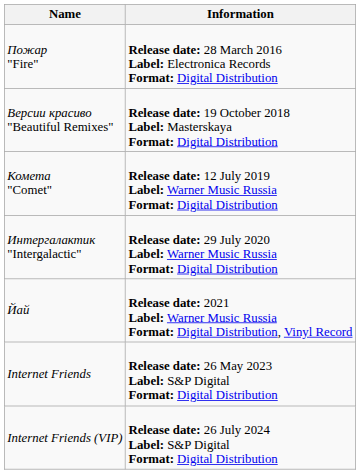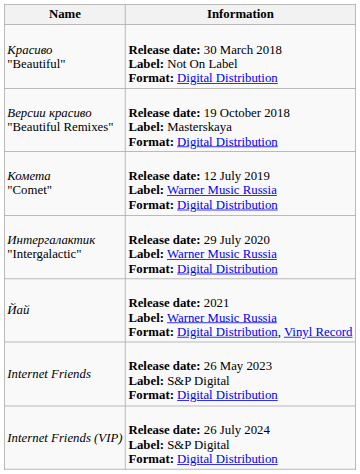 <table class="wikitable">
 <tr>
 <th>Name</th>
 <th>Information</th>
 </tr>
 <tr>
-<td><em>Пожар</em><br>"Fire"</td>
-<td><br><strong>Release date:</strong> 28 March 2016<br> <strong>Label:</strong> Electronica Records<br> <strong>Format:</strong> <a href='#'>Digital Distribution</a></td>
+<td><em>Красиво</em><br>"Beautiful"</td>
+<td><br><strong>Release date:</strong> 30 March 2018<br> <strong>Label:</strong> Not On Label<br> <strong>Format:</strong> <a href='#'>Digital Distribution</a></td>
 </tr>
 <tr>
 <td><em>Версии красиво</em><br>"Beautiful Remixes"</td>
 <td><br><strong>Release date:</strong> 19 October 2018<br> <strong>Label:</strong> Masterskaya<br> <strong>Format:</strong> <a href='#'>Digital Distribution</a></td>
 </tr>
 <tr>
 <td><em>Комета</em><br>"Comet"</td>
 <td><br><strong>Release date:</strong> 12 July 2019<br> <strong>Label:</strong> <a href='#'>Warner Music Russia</a><br> <strong>Format:</strong> <a href='#'>Digital Distribution</a></td>
 </tr>
 <tr>
 <td><em>Интергалактик</em><br>"Intergalactic"</td>
 <td><br><strong>Release date:</strong> 29 July 2020<br> <strong>Label:</strong> <a href='#'>Warner Music Russia</a><br> <strong>Format:</strong> <a href='#'>Digital Distribution</a></td>
 </tr>
 <tr>
 <td><em>Йай</em></td>
 <td><br><strong>Release date:</strong> 2021<br> <strong>Label:</strong> <a href='#'>Warner Music Russia</a><br> <strong>Format:</strong> <a href='#'>Digital Distribution</a>, <a href='#'>Vinyl Record</a></td>
 </tr>
 <tr>
 <td><em>Internet Friends</em></td>
 <td><br><strong>Release date:</strong> 26 May 2023<br> <strong>Label:</strong> S&P Digital<br> <strong>Format:</strong> <a href='#'>Digital Distribution</a></td>
 </tr>
 <tr>
 <td><em>Internet Friends (VIP)</em></td>
 <td><br><strong>Release date:</strong> 26 July 2024<br> <strong>Label:</strong> S&P Digital<br> <strong>Format:</strong> <a href='#'>Digital Distribution</a></td>
 </tr>
 </table>
